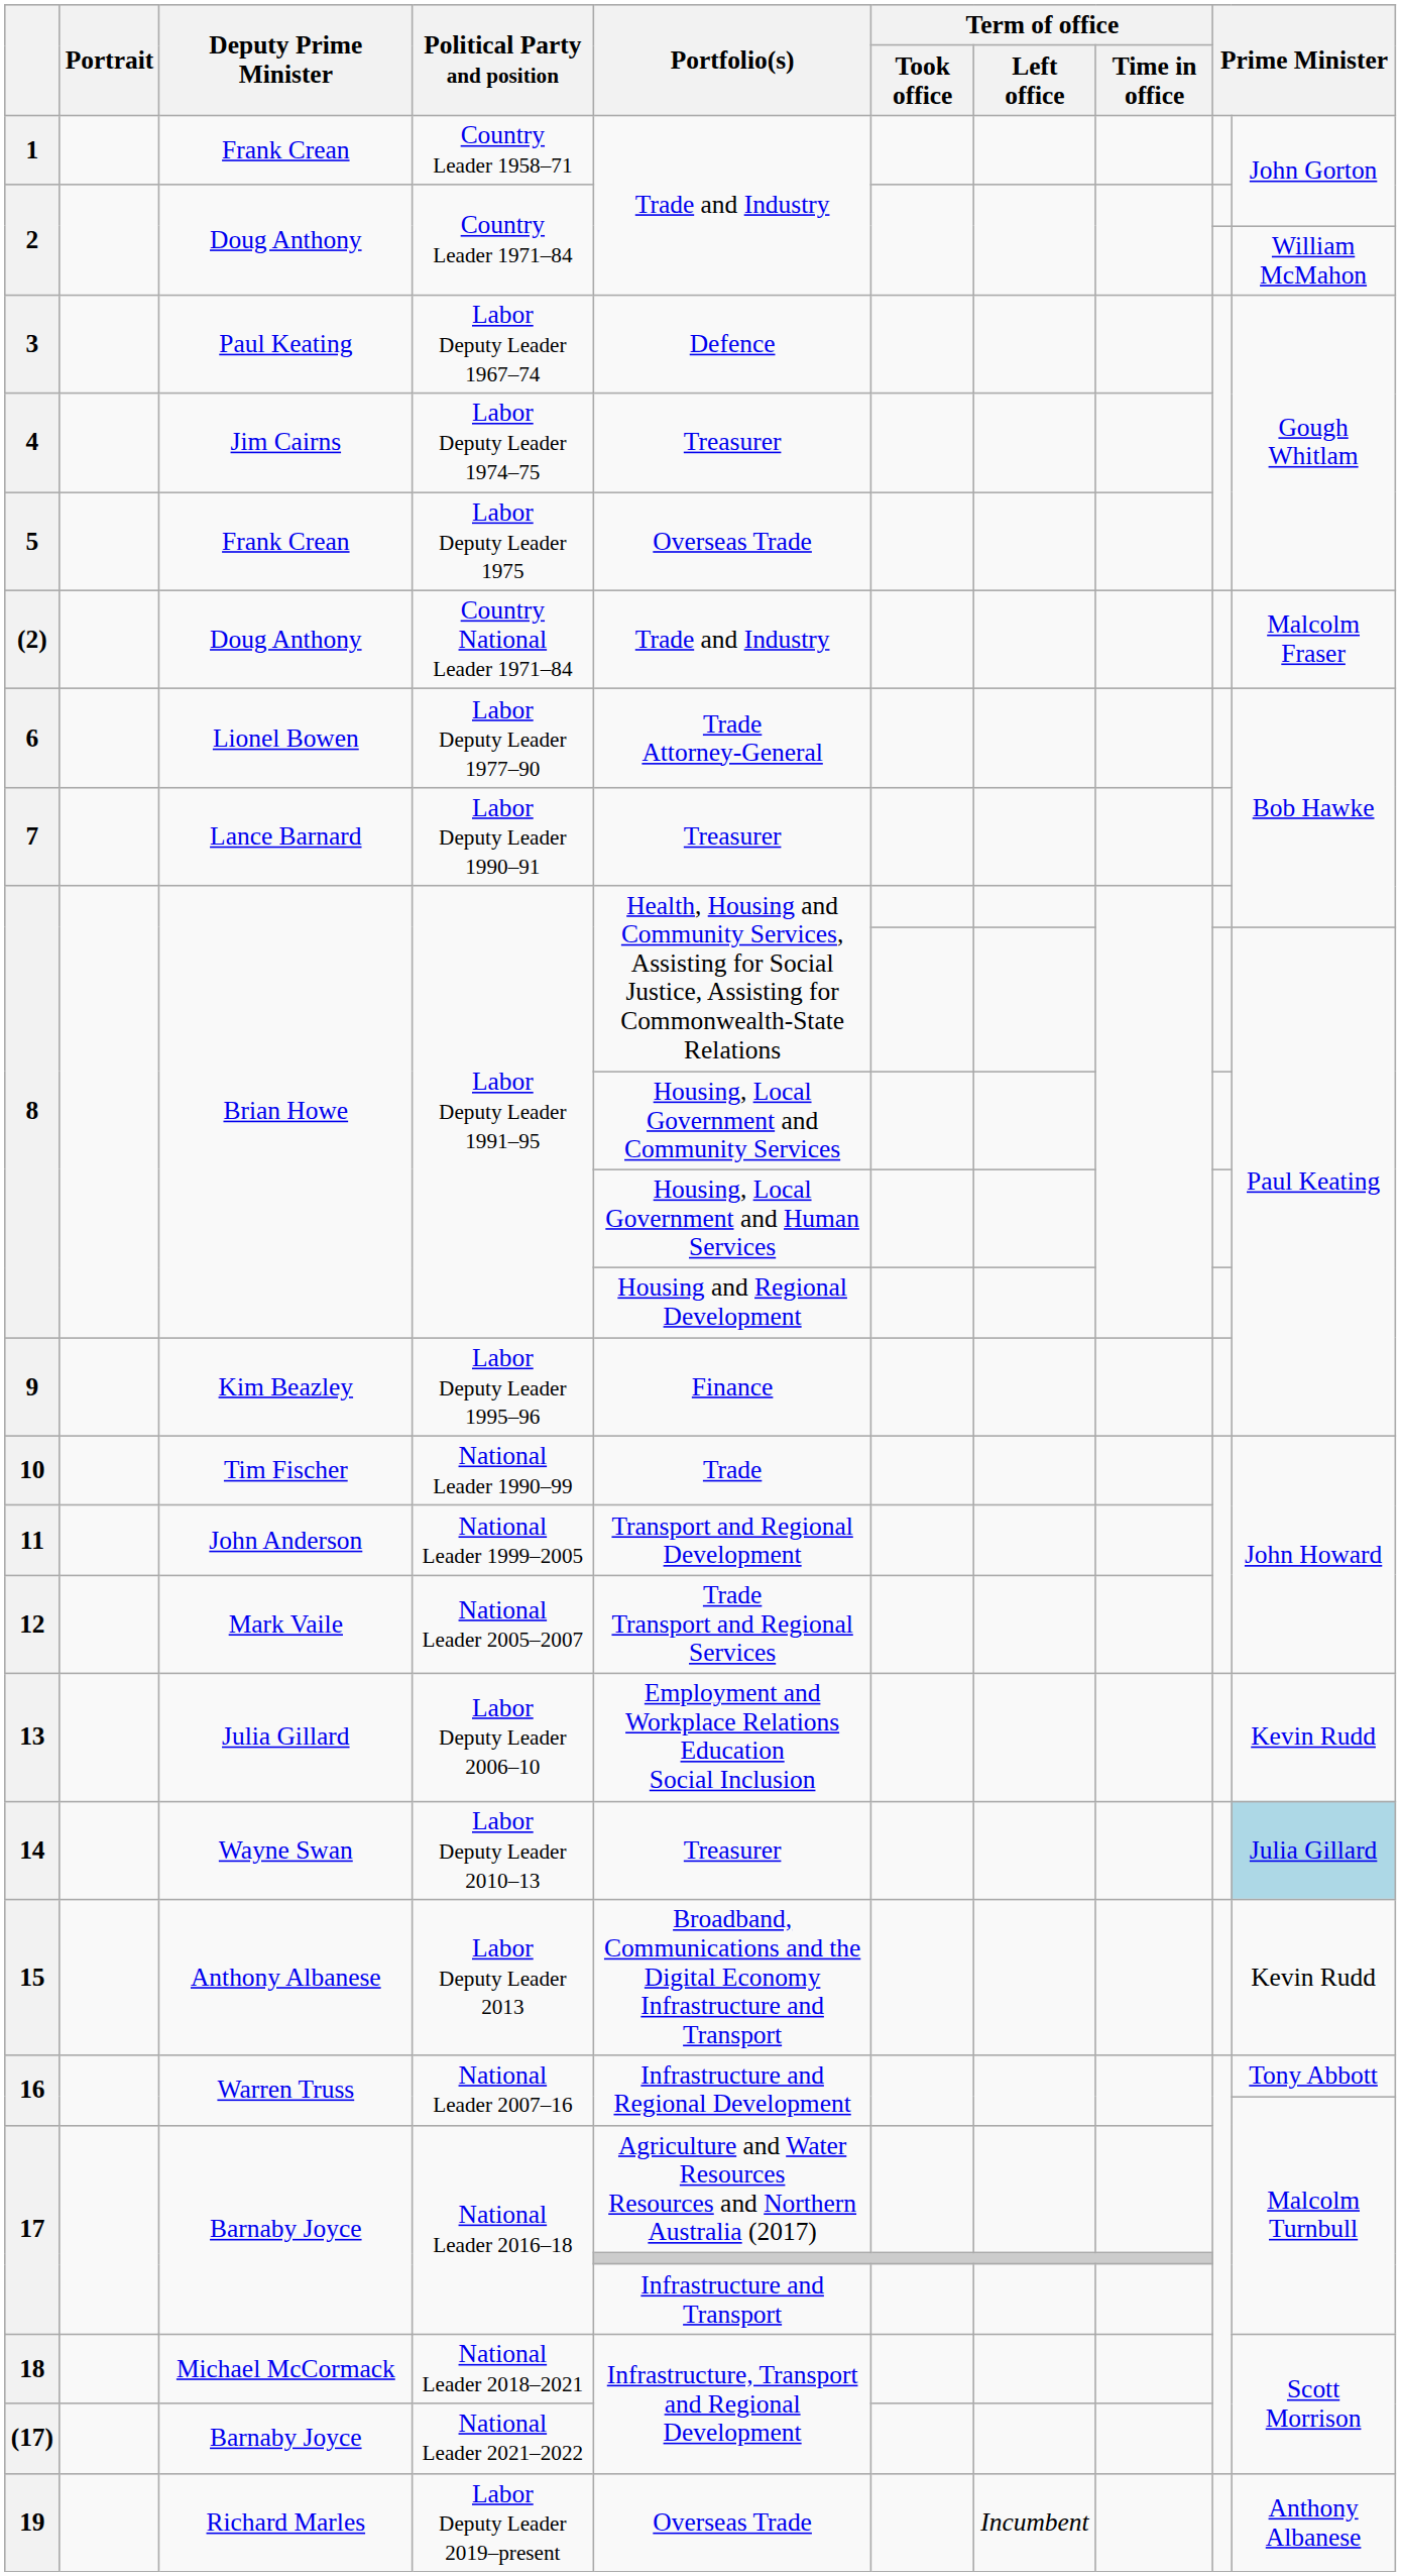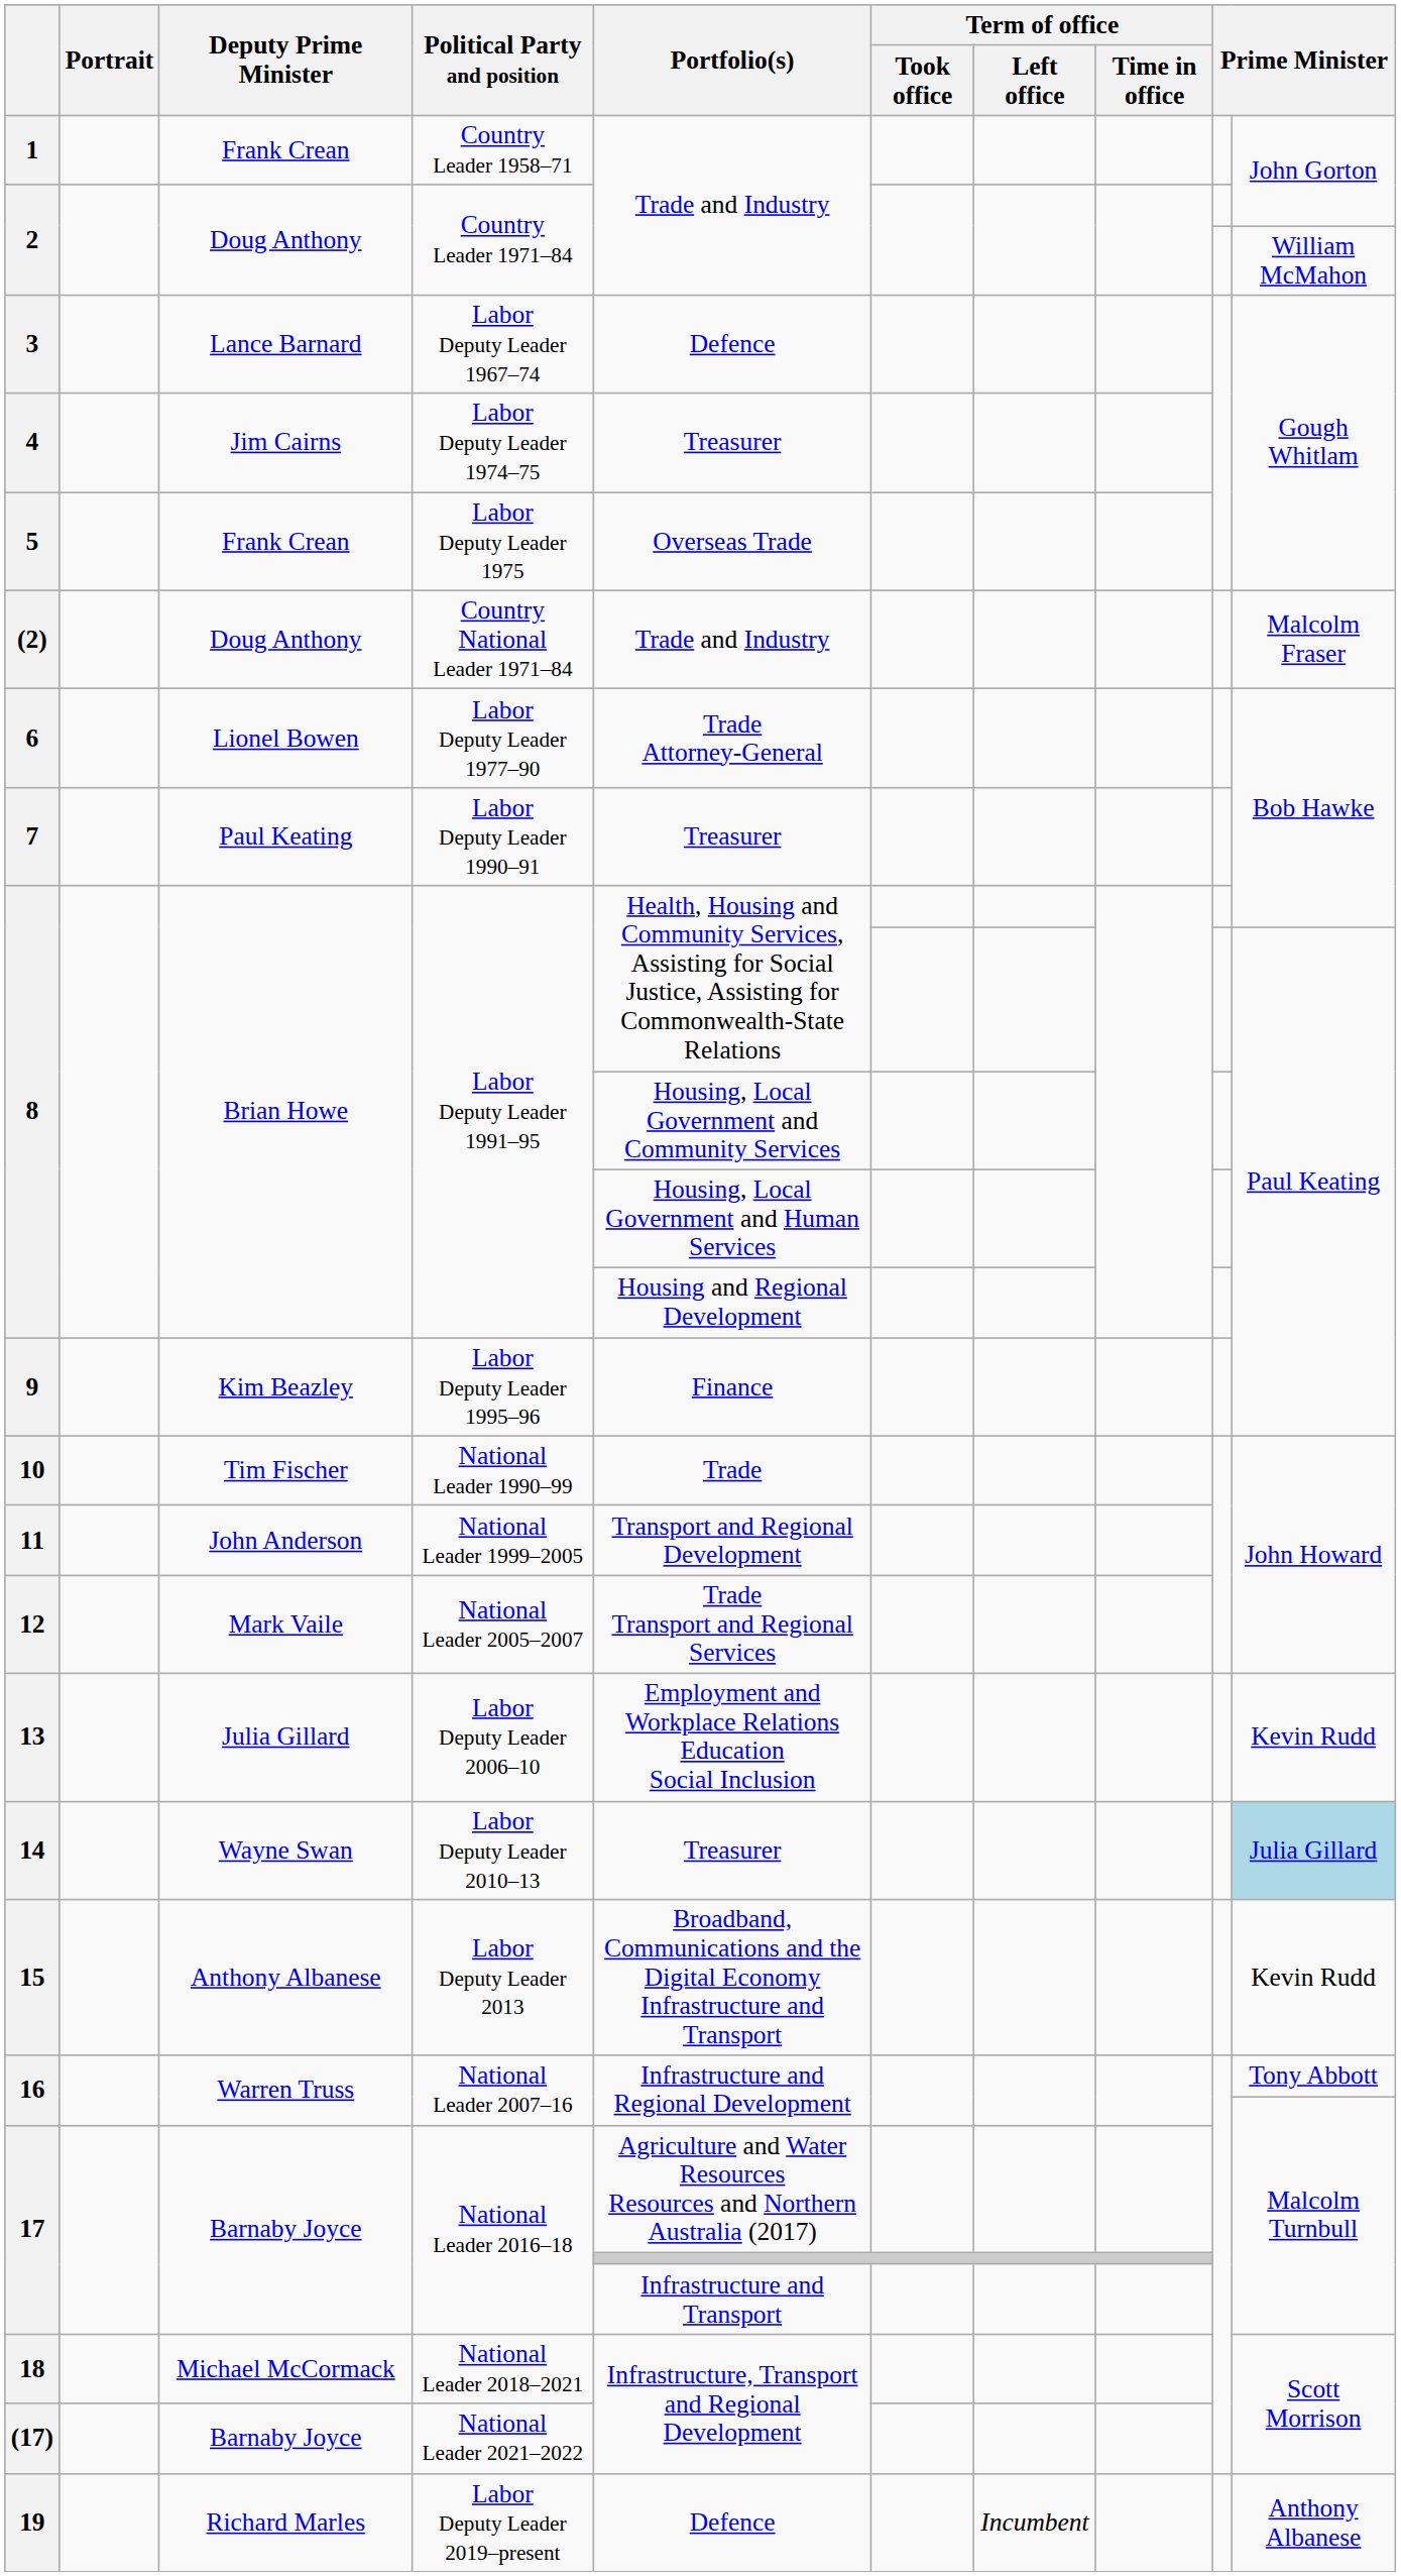 <table class="wikitable" style="text-align:center">
 <tr>
 <th rowspan="2"></th>
 <th rowspan="2">Portrait</th>
 <th rowspan="2" width="150">Deputy Prime Minister</th>
 <th rowspan="2">Political Party  <br><small>and position</small></th>
 <th rowspan="2" width="20%">Portfolio(s)</th>
 <th colspan="3" width="115">Term of office</th>
 <th colspan="2" rowspan="2" width="75">Prime Minister</th>
 </tr>
 <tr>
 <th>Took office</th>
 <th>Left office</th>
 <th>Time in office</th>
 </tr>
 <tr>
 <th style="background:">1</th>
 <td></td>
 <td><a href='#'>Frank Crean</a></td>
 <td><a href='#'>Country</a> <br> <small>Leader 1958–71</small></td>
 <td rowspan="3"><a href='#'>Trade</a> and <a href='#'>Industry</a></td>
 <td align="center"></td>
 <td align="center"></td>
 <td align="right"></td>
 <td> </td>
 <td rowspan="2"><a href='#'>John Gorton</a></td>
 </tr>
 <tr>
 <th rowspan="2" style="background:">2</th>
 <td rowspan="2"></td>
 <td rowspan="2"><a href='#'>Doug Anthony</a></td>
 <td rowspan="2"><a href='#'>Country</a> <br> <small>Leader 1971–84</small></td>
 <td rowspan="2" align="center"></td>
 <td rowspan="2" align="center"></td>
 <td rowspan="2" align="right"></td>
 <td> </td>
 </tr>
 <tr>
 <td> </td>
 <td><a href='#'>William McMahon</a></td>
 </tr>
 <tr>
 <th style="background:">3</th>
 <td></td>
-<td><a href='#'>Paul Keating</a></td>
+<td><a href='#'>Lance Barnard</a></td>
 <td><a href='#'>Labor</a> <br> <small>Deputy Leader 1967–74</small></td>
 <td><a href='#'>Defence</a></td>
 <td align="center"></td>
 <td align="center"></td>
 <td align="right"></td>
 <td rowspan="3" > </td>
 <td rowspan="3"><a href='#'>Gough Whitlam</a></td>
 </tr>
 <tr>
 <th style="background:">4</th>
 <td></td>
 <td><a href='#'>Jim Cairns</a></td>
 <td><a href='#'>Labor</a> <br> <small>Deputy Leader 1974–75</small></td>
 <td><a href='#'>Treasurer</a></td>
 <td align="center"></td>
 <td align="center"></td>
 <td align="right"></td>
 </tr>
 <tr>
 <th style="background:">5</th>
 <td></td>
 <td><a href='#'>Frank Crean</a></td>
 <td><a href='#'>Labor</a> <br> <small>Deputy Leader 1975</small></td>
 <td><a href='#'>Overseas Trade</a></td>
 <td align="center"></td>
 <td align="center"></td>
 <td align="right"></td>
 </tr>
 <tr>
 <th style="background:">(2)</th>
 <td></td>
 <td><a href='#'>Doug Anthony</a></td>
 <td><a href='#'>Country National</a><br><small>Leader 1971–84</small></td>
 <td><a href='#'>Trade</a> and <a href='#'>Industry</a></td>
 <td align="center"></td>
 <td align="center"></td>
 <td align="right"><strong></strong></td>
 <td> </td>
 <td><a href='#'>Malcolm Fraser</a></td>
 </tr>
 <tr>
 <th style="background:">6</th>
 <td></td>
 <td><a href='#'>Lionel Bowen</a></td>
 <td><a href='#'>Labor</a> <br> <small>Deputy Leader 1977–90</small></td>
 <td><a href='#'>Trade</a><br><a href='#'>Attorney-General</a></td>
 <td align="center"></td>
 <td align="center"></td>
 <td align="right"></td>
 <td> </td>
 <td rowspan="3"><a href='#'>Bob Hawke</a></td>
 </tr>
 <tr>
 <th style="background:">7</th>
 <td></td>
-<td><a href='#'>Lance Barnard</a></td>
+<td><a href='#'>Paul Keating</a></td>
 <td><a href='#'>Labor</a> <br> <small>Deputy Leader 1990–91</small></td>
 <td><a href='#'>Treasurer</a></td>
 <td align="center"></td>
 <td align="center"></td>
 <td align="right"></td>
 <td> </td>
 </tr>
 <tr>
 <th rowspan="5" style="background:">8</th>
 <td rowspan="5"></td>
 <td rowspan="5"><a href='#'>Brian Howe</a></td>
 <td rowspan="5"><a href='#'>Labor</a> <br> <small>Deputy Leader 1991–95</small></td>
 <td rowspan="2"><a href='#'>Health</a>, <a href='#'>Housing</a> and <a href='#'>Community Services</a>, Assisting for Social Justice, Assisting for Commonwealth-State Relations</td>
 <td align="center"></td>
 <td align="center"></td>
 <td rowspan="5" align="right"></td>
 <td> </td>
 </tr>
 <tr>
 <td align="center"></td>
 <td align="center"></td>
 <td> </td>
 <td rowspan="5"><a href='#'>Paul Keating</a></td>
 </tr>
 <tr>
 <td><a href='#'>Housing</a>, <a href='#'>Local Government</a> and <a href='#'>Community Services</a></td>
 <td align="center"></td>
 <td align="center"></td>
 <td> </td>
 </tr>
 <tr>
 <td><a href='#'>Housing</a>, <a href='#'>Local Government</a> and <a href='#'>Human Services</a></td>
 <td align="center"></td>
 <td align="center"></td>
 <td> </td>
 </tr>
 <tr>
 <td><a href='#'>Housing</a> and <a href='#'>Regional Development</a></td>
 <td align="center"></td>
 <td align="center"></td>
 <td> </td>
 </tr>
 <tr>
 <th style="background:">9</th>
 <td></td>
 <td><a href='#'>Kim Beazley</a></td>
 <td><a href='#'>Labor</a> <br> <small>Deputy Leader 1995–96</small></td>
 <td><a href='#'>Finance</a></td>
 <td align="center"></td>
 <td align="center"></td>
 <td align="right"></td>
 <td> </td>
 </tr>
 <tr>
 <th style="background:">10</th>
 <td></td>
 <td><a href='#'>Tim Fischer</a></td>
 <td><a href='#'>National</a> <br> <small>Leader 1990–99</small></td>
 <td><a href='#'>Trade</a></td>
 <td align="center"></td>
 <td align="center"></td>
 <td align="right"></td>
 <td rowspan="3" > </td>
 <td rowspan="3"><a href='#'>John Howard</a></td>
 </tr>
 <tr>
 <th style="background:">11</th>
 <td></td>
 <td><a href='#'>John Anderson</a></td>
 <td><a href='#'>National</a> <br> <small>Leader 1999–2005</small></td>
 <td><a href='#'>Transport and Regional Development</a></td>
 <td align="center"></td>
 <td align="center"></td>
 <td align="right"></td>
 </tr>
 <tr>
 <th style="background:">12</th>
 <td></td>
 <td><a href='#'>Mark Vaile</a></td>
 <td><a href='#'>National</a> <br> <small>Leader 2005–2007</small></td>
 <td><a href='#'>Trade</a><br><a href='#'>Transport and Regional Services</a></td>
 <td align="center"></td>
 <td align="center"></td>
 <td align="right"></td>
 </tr>
 <tr>
 <th style="background:">13</th>
 <td></td>
 <td><a href='#'>Julia Gillard</a></td>
 <td><a href='#'>Labor</a><br><small>Deputy Leader 2006–10</small></td>
 <td><a href='#'>Employment and Workplace Relations</a><br><a href='#'>Education</a><br><a href='#'>Social Inclusion</a></td>
 <td align="center"></td>
 <td align="center"></td>
 <td align="right"></td>
 <td> </td>
 <td><a href='#'>Kevin Rudd</a></td>
 </tr>
 <tr>
 <th style="background:">14</th>
 <td></td>
 <td><a href='#'>Wayne Swan</a></td>
 <td><a href='#'>Labor</a> <br> <small>Deputy Leader 2010–13</small></td>
 <td><a href='#'>Treasurer</a></td>
 <td align="center"></td>
 <td align="center"></td>
 <td align="right"></td>
 <td> </td>
 <td style="background: lightblue;"><a href='#'>Julia Gillard</a></td>
 </tr>
 <tr>
 <th style="background:">15</th>
 <td></td>
 <td><a href='#'>Anthony Albanese</a></td>
 <td><a href='#'>Labor</a> <br> <small>Deputy Leader 2013</small></td>
 <td><a href='#'>Broadband, Communications and the Digital Economy</a><br><a href='#'>Infrastructure and Transport</a></td>
 <td align="center"></td>
 <td align="center"></td>
 <td align="right"></td>
 <td> </td>
 <td>Kevin Rudd</td>
 </tr>
 <tr>
 <th rowspan="2" style="background:">16</th>
 <td rowspan="2"></td>
 <td rowspan="2"><a href='#'>Warren Truss</a></td>
 <td rowspan="2"><a href='#'>National</a><br> <small>Leader 2007–16</small></td>
 <td rowspan="2"><a href='#'>Infrastructure and Regional Development</a></td>
 <td rowspan="2" align="center"></td>
 <td rowspan="2" align="center"></td>
 <td rowspan="2" align="right"></td>
 <td rowspan="8" > </td>
 <td><a href='#'>Tony Abbott</a></td>
 </tr>
 <tr>
 <td rowspan="5"><a href='#'>Malcolm Turnbull</a></td>
 </tr>
 <tr>
 <th rowspan="3" style="background:">17</th>
 <td rowspan="3"></td>
 <td rowspan="3"><a href='#'>Barnaby Joyce</a></td>
 <td rowspan="3"><a href='#'>National</a><br><small>Leader 2016–18</small></td>
 <td><a href='#'>Agriculture</a> and <a href='#'>Water Resources</a><br><a href='#'>Resources</a> and <a href='#'>Northern Australia</a> (2017)</td>
 <td align="center"></td>
 <td align="center"></td>
 <td align="right"></td>
 </tr>
 <tr>
 <th colspan=4 style="background: #cccccc;"></th>
 </tr>
 <tr>
 <td><a href='#'>Infrastructure and Transport</a></td>
 <td align="center"></td>
 <td align="center"></td>
 <td align="right"></td>
 </tr>
 <tr>
 <th rowspan="2" style="background:">18</th>
 <td rowspan="2"></td>
 <td rowspan="2"><a href='#'>Michael McCormack</a></td>
 <td rowspan="2"><a href='#'>National</a><br> <small>Leader 2018–2021</small></td>
 <td rowspan="3"><a href='#'>Infrastructure, Transport and Regional Development</a></td>
 <td rowspan="2" align="center"></td>
 <td rowspan="2" align="center"></td>
 <td rowspan="2" align="right"></td>
 </tr>
 <tr>
 <td rowspan="2"><a href='#'>Scott Morrison</a></td>
 </tr>
 <tr>
 <th style="background:">(17)</th>
 <td></td>
 <td><a href='#'>Barnaby Joyce</a></td>
 <td><a href='#'>National</a><br> <small>Leader 2021–2022</small></td>
 <td align="center"></td>
 <td align="center"></td>
 <td align="right"></td>
 </tr>
 <tr>
 <th style="background:">19</th>
 <td></td>
 <td><a href='#'>Richard Marles</a></td>
 <td><a href='#'>Labor</a> <br> <small>Deputy Leader 2019–present</small></td>
-<td><a href='#'>Overseas Trade</a></td>
+<td><a href='#'>Defence</a></td>
 <td align="center"></td>
 <td align="center"><em>Incumbent</em></td>
 <td align="right"></td>
 <td> </td>
 <td><a href='#'>Anthony Albanese</a></td>
 </tr>
 </table>
